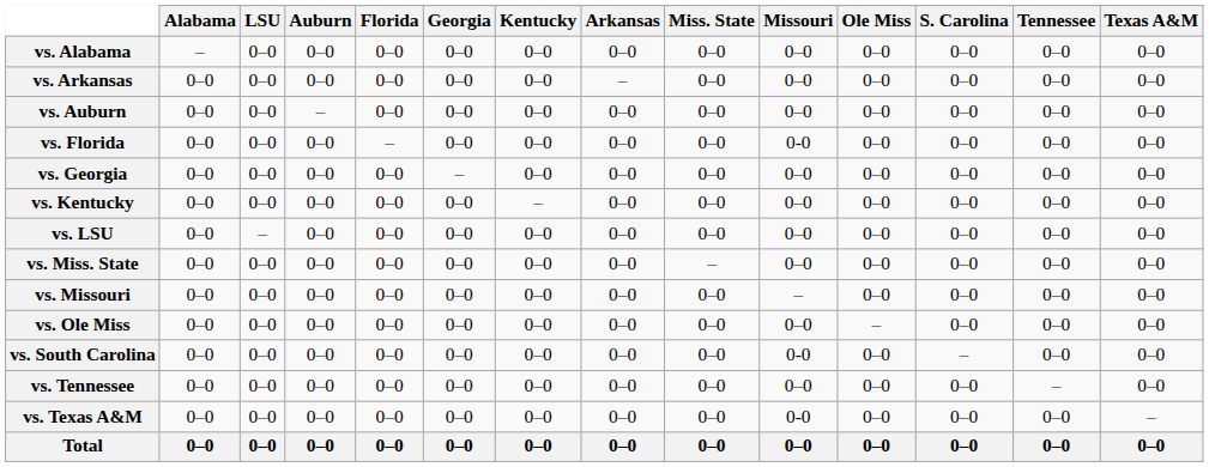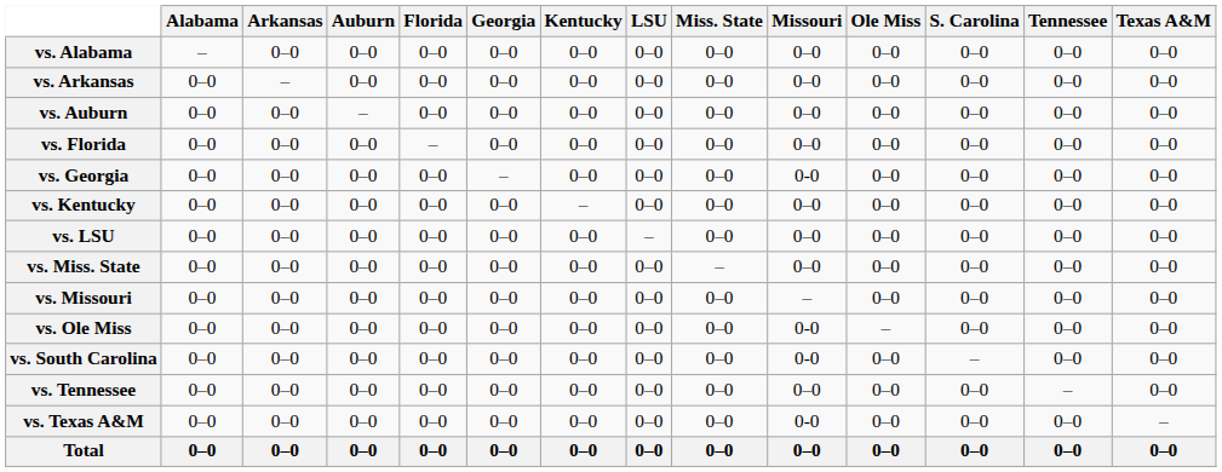 <table class="wikitable" style="white-space:nowrap; font-size:90%;">
 <tr>
 <td style="background:white; border-top-style:hidden; border-left-style:hidden;"></td>
 <th>Alabama</th>
-<th>LSU</th>
+<th>Arkansas</th>
 <th>Auburn</th>
 <th>Florida</th>
 <th>Georgia</th>
 <th>Kentucky</th>
-<th>Arkansas</th>
+<th>LSU</th>
 <th>Miss. State</th>
 <th>Missouri</th>
 <th>Ole Miss</th>
 <th>S. Carolina</th>
 <th>Tennessee</th>
 <th>Texas A&M</th>
 </tr>
 <tr style="text-align:center;">
 <th>vs. Alabama</th>
 <td>–</td>
 <td>0–0</td>
 <td>0–0</td>
 <td>0–0</td>
 <td>0–0</td>
 <td>0–0</td>
 <td>0–0</td>
 <td>0–0</td>
 <td>0–0</td>
 <td>0–0</td>
 <td>0–0</td>
 <td>0–0</td>
 <td>0–0</td>
 </tr>
 <tr style="text-align:center;">
 <th>vs. Arkansas</th>
 <td>0–0</td>
+<td>–</td>
 <td>0–0</td>
 <td>0–0</td>
 <td>0–0</td>
 <td>0–0</td>
 <td>0–0</td>
-<td>–</td>
 <td>0–0</td>
 <td>0–0</td>
 <td>0–0</td>
 <td>0–0</td>
 <td>0–0</td>
 <td>0–0</td>
 </tr>
 <tr style="text-align:center;">
 <th>vs. Auburn</th>
 <td>0–0</td>
 <td>0–0</td>
 <td>–</td>
 <td>0–0</td>
 <td>0–0</td>
 <td>0–0</td>
 <td>0–0</td>
 <td>0–0</td>
 <td>0–0</td>
 <td>0–0</td>
 <td>0–0</td>
 <td>0–0</td>
 <td>0–0</td>
 </tr>
 <tr style="text-align:center;">
 <th>vs. Florida</th>
 <td>0–0</td>
 <td>0–0</td>
 <td>0–0</td>
 <td>–</td>
 <td>0–0</td>
 <td>0–0</td>
 <td>0–0</td>
 <td>0–0</td>
-<td>0-0</td>
+<td>0–0</td>
 <td>0–0</td>
 <td>0–0</td>
 <td>0–0</td>
 <td>0–0</td>
 </tr>
 <tr style="text-align:center;">
 <th>vs. Georgia</th>
 <td>0–0</td>
 <td>0–0</td>
 <td>0–0</td>
 <td>0–0</td>
 <td>–</td>
 <td>0–0</td>
 <td>0–0</td>
 <td>0–0</td>
-<td>0–0</td>
+<td>0-0</td>
 <td>0–0</td>
 <td>0–0</td>
 <td>0–0</td>
 <td>0–0</td>
 </tr>
 <tr style="text-align:center;">
 <th>vs. Kentucky</th>
 <td>0–0</td>
 <td>0–0</td>
 <td>0–0</td>
 <td>0–0</td>
 <td>0–0</td>
 <td>–</td>
 <td>0–0</td>
 <td>0–0</td>
 <td>0–0</td>
 <td>0–0</td>
 <td>0–0</td>
 <td>0–0</td>
 <td>0–0</td>
 </tr>
 <tr style="text-align:center;">
 <th>vs. LSU</th>
 <td>0–0</td>
-<td>–</td>
 <td>0–0</td>
 <td>0–0</td>
 <td>0–0</td>
 <td>0–0</td>
 <td>0–0</td>
+<td>–</td>
 <td>0–0</td>
 <td>0–0</td>
 <td>0–0</td>
 <td>0–0</td>
 <td>0–0</td>
 <td>0–0</td>
 </tr>
 <tr style="text-align:center;">
 <th>vs. Miss. State</th>
 <td>0–0</td>
 <td>0–0</td>
 <td>0–0</td>
 <td>0–0</td>
 <td>0–0</td>
 <td>0–0</td>
 <td>0–0</td>
 <td>–</td>
 <td>0–0</td>
 <td>0–0</td>
 <td>0–0</td>
 <td>0–0</td>
 <td>0–0</td>
 </tr>
 <tr style="text-align:center;">
 <th>vs. Missouri</th>
 <td>0–0</td>
 <td>0–0</td>
 <td>0–0</td>
 <td>0–0</td>
 <td>0–0</td>
 <td>0–0</td>
 <td>0–0</td>
 <td>0–0</td>
 <td>–</td>
 <td>0–0</td>
 <td>0–0</td>
 <td>0–0</td>
 <td>0–0</td>
 </tr>
 <tr style="text-align:center;">
 <th>vs. Ole Miss</th>
 <td>0–0</td>
 <td>0–0</td>
 <td>0–0</td>
 <td>0–0</td>
 <td>0–0</td>
 <td>0–0</td>
 <td>0–0</td>
 <td>0–0</td>
-<td>0–0</td>
+<td>0-0</td>
 <td>–</td>
 <td>0–0</td>
 <td>0–0</td>
 <td>0–0</td>
 </tr>
 <tr style="text-align:center;">
 <th>vs. South Carolina</th>
 <td>0–0</td>
 <td>0–0</td>
 <td>0–0</td>
 <td>0–0</td>
 <td>0–0</td>
 <td>0–0</td>
 <td>0–0</td>
 <td>0–0</td>
 <td>0-0</td>
 <td>0–0</td>
 <td>–</td>
 <td>0–0</td>
 <td>0–0</td>
 </tr>
 <tr style="text-align:center;">
 <th>vs. Tennessee</th>
 <td>0–0</td>
 <td>0–0</td>
 <td>0–0</td>
 <td>0–0</td>
 <td>0–0</td>
 <td>0–0</td>
 <td>0–0</td>
 <td>0–0</td>
 <td>0–0</td>
 <td>0–0</td>
 <td>0–0</td>
 <td>–</td>
 <td>0–0</td>
 </tr>
 <tr style="text-align:center;">
 <th>vs. Texas A&M</th>
 <td>0–0</td>
 <td>0–0</td>
 <td>0–0</td>
 <td>0–0</td>
 <td>0–0</td>
 <td>0–0</td>
 <td>0–0</td>
 <td>0–0</td>
 <td>0-0</td>
 <td>0–0</td>
 <td>0–0</td>
 <td>0–0</td>
 <td>–</td>
 </tr>
 <tr style="text-align:center;">
 <th>Total</th>
 <th>0–0</th>
 <th>0–0</th>
 <th>0–0</th>
 <th>0–0</th>
 <th>0–0</th>
 <th>0–0</th>
 <th>0–0</th>
 <th>0–0</th>
 <th>0–0</th>
 <th>0–0</th>
 <th>0–0</th>
 <th>0–0</th>
 <th>0–0</th>
 </tr>
 </table>
